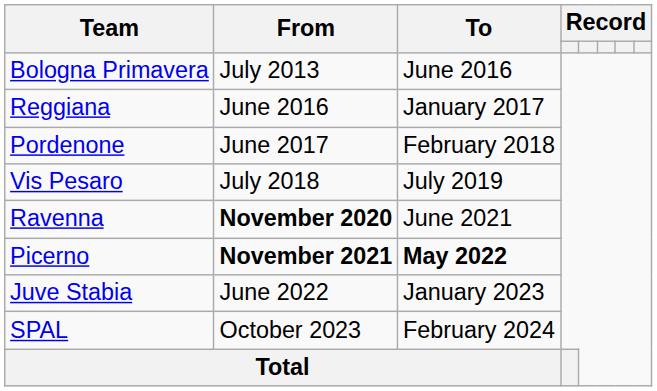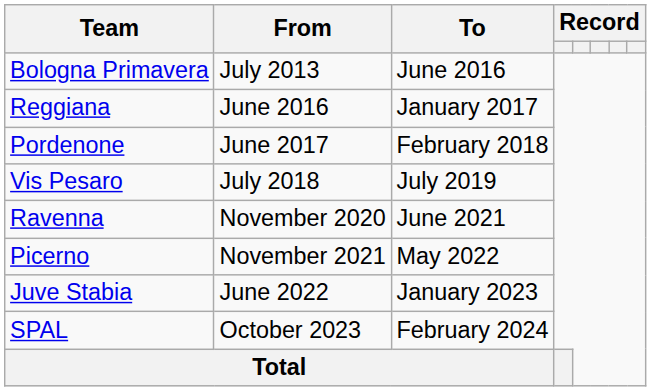 <table class="wikitable" style="text-align: center;">
 <tr>
 <th rowspan="2">Team</th>
 <th rowspan="2">From</th>
 <th rowspan="2">To</th>
 <th colspan="5">Record</th>
 </tr>
 <tr>
 <th></th>
 <th></th>
 <th></th>
 <th></th>
 <th></th>
 </tr>
 <tr>
 <td align="left"><a href='#'>Bologna Primavera</a></td>
 <td align="left">July 2013</td>
 <td align="left">June 2016<br></td>
 </tr>
 <tr>
 <td align="left"><a href='#'>Reggiana</a></td>
 <td align="left">June 2016</td>
 <td align="left">January 2017<br></td>
 </tr>
 <tr>
 <td align="left"><a href='#'>Pordenone</a></td>
 <td align="left">June 2017</td>
 <td align="left">February 2018<br></td>
 </tr>
 <tr>
 <td align="left"><a href='#'>Vis Pesaro</a></td>
 <td align="left">July 2018</td>
 <td align="left">July 2019<br></td>
 </tr>
 <tr>
 <td align="left"><a href='#'>Ravenna</a></td>
-<td align="left"><strong>November 2020</strong></td>
+<td align="left">November 2020</td>
 <td align="left">June 2021<br></td>
 </tr>
 <tr>
 <td align="left"><a href='#'>Picerno</a></td>
-<td align="left"><strong>November 2021</strong></td>
-<td align="left"><strong>May 2022<br></strong></td>
+<td align="left">November 2021</td>
+<td align="left">May 2022<br></td>
 </tr>
 <tr>
 <td align="left"><a href='#'>Juve Stabia</a></td>
 <td align="left">June 2022</td>
 <td align="left">January 2023<br></td>
 </tr>
 <tr>
 <td align="left"><a href='#'>SPAL</a></td>
 <td align="left">October 2023</td>
 <td align="left">February 2024<br></td>
 </tr>
 <tr>
 <th colspan="3">Total<br></th>
 <th></th>
 </tr>
 </table>
